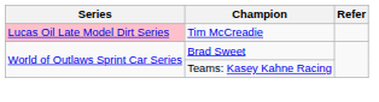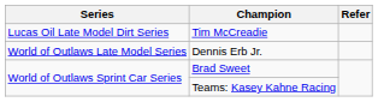 <table class="wikitable" style="font-size:87%;">
 <tr>
 <th>Series</th>
 <th>Champion</th>
 <th>Refer</th>
 </tr>
 <tr>
-<td style="background: pink;"><a href='#'>Lucas Oil Late Model Dirt Series</a></td>
+<td><a href='#'>Lucas Oil Late Model Dirt Series</a></td>
 <td> <a href='#'>Tim McCreadie</a></td>
+<td></td>
+</tr>
+<tr>
+<td><a href='#'>World of Outlaws Late Model Series</a></td>
+<td> Dennis Erb Jr.</td>
 <td></td>
 </tr>
 <tr>
 <td rowspan=2><a href='#'>World of Outlaws Sprint Car Series</a></td>
 <td> <a href='#'>Brad Sweet</a></td>
 <td rowspan=2></td>
 </tr>
 <tr>
 <td>Teams:  <a href='#'>Kasey Kahne Racing</a></td>
 </tr>
 </table>
